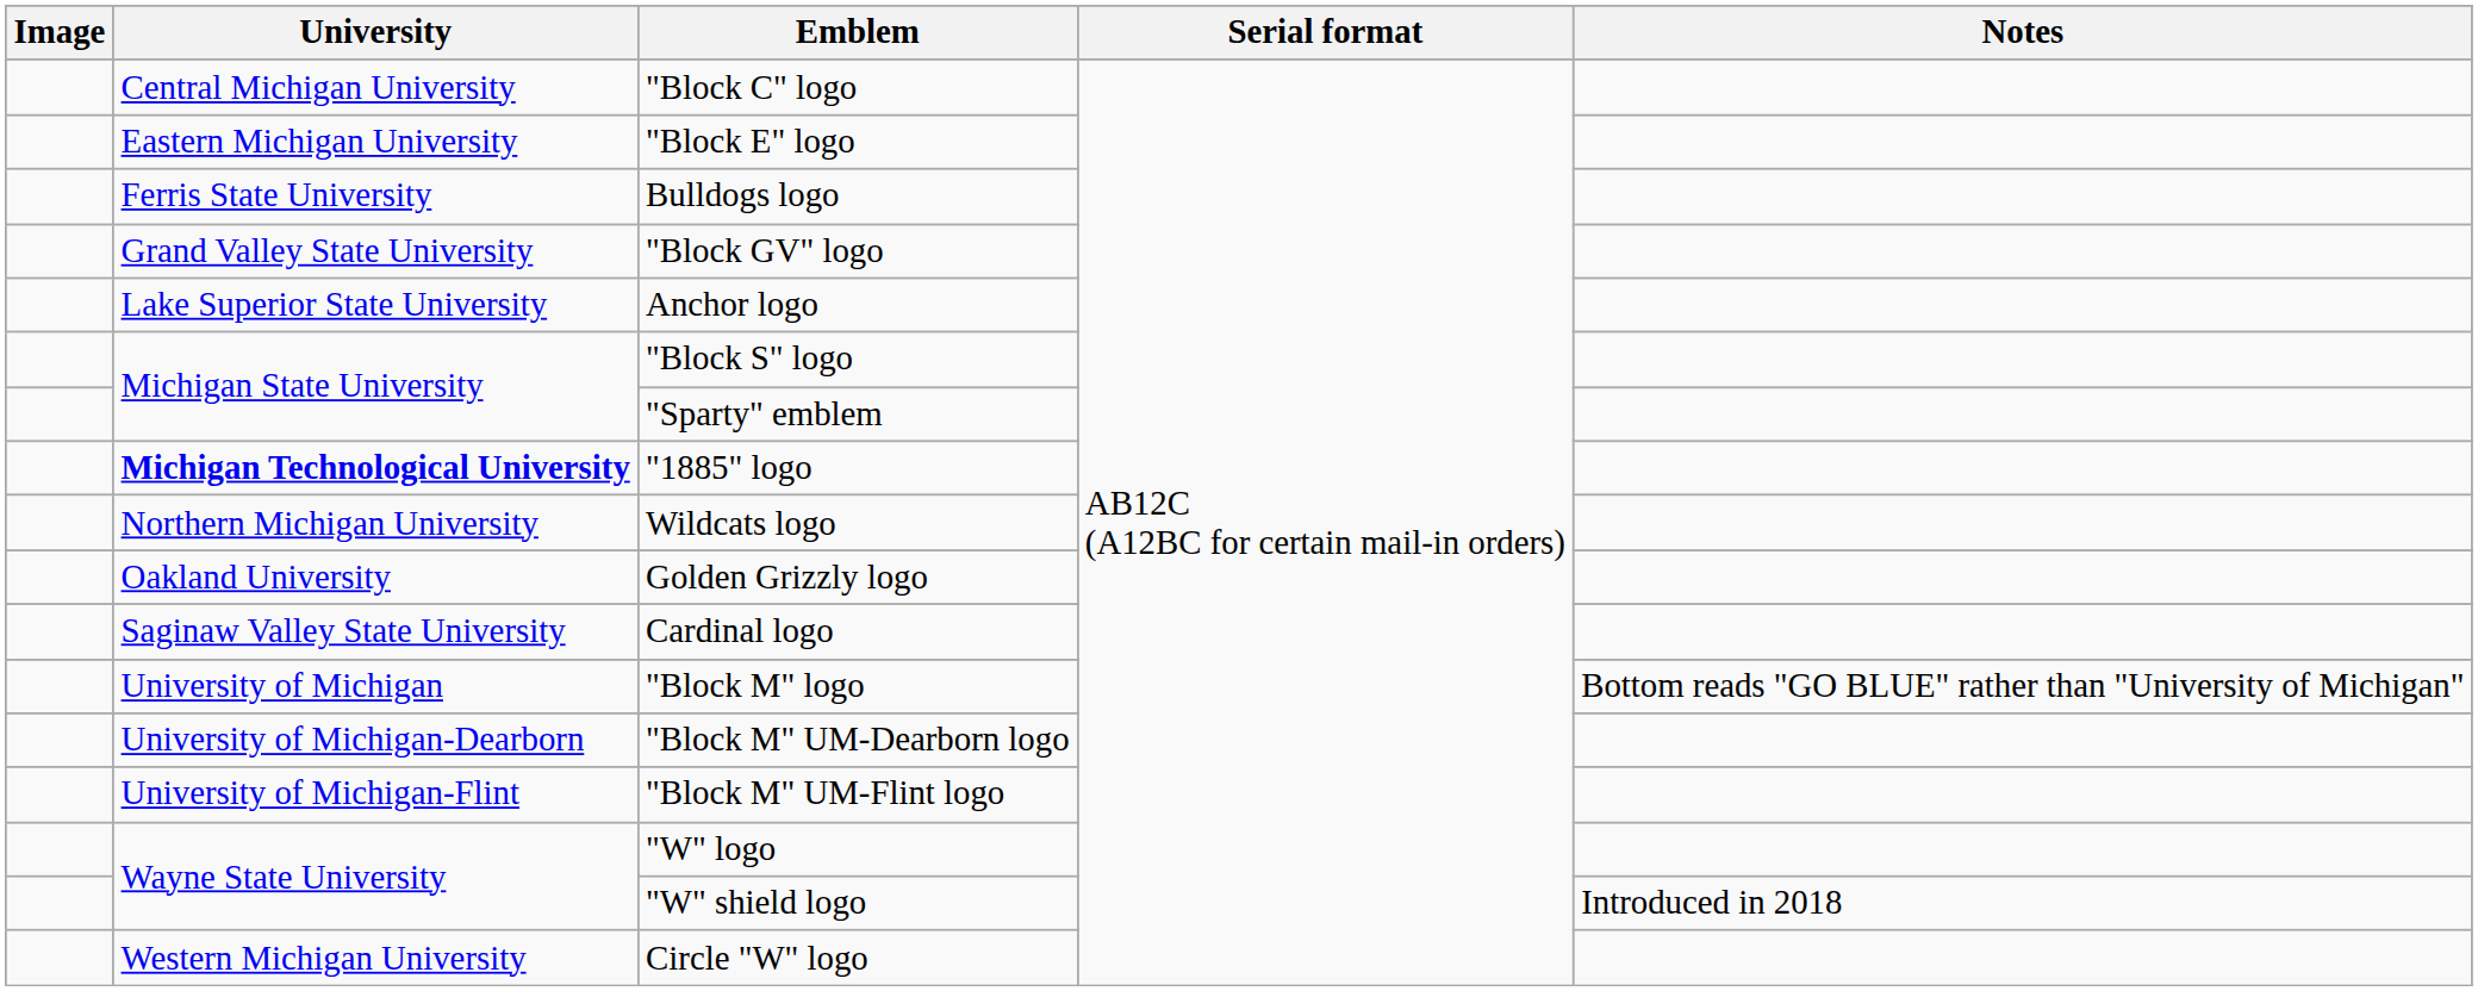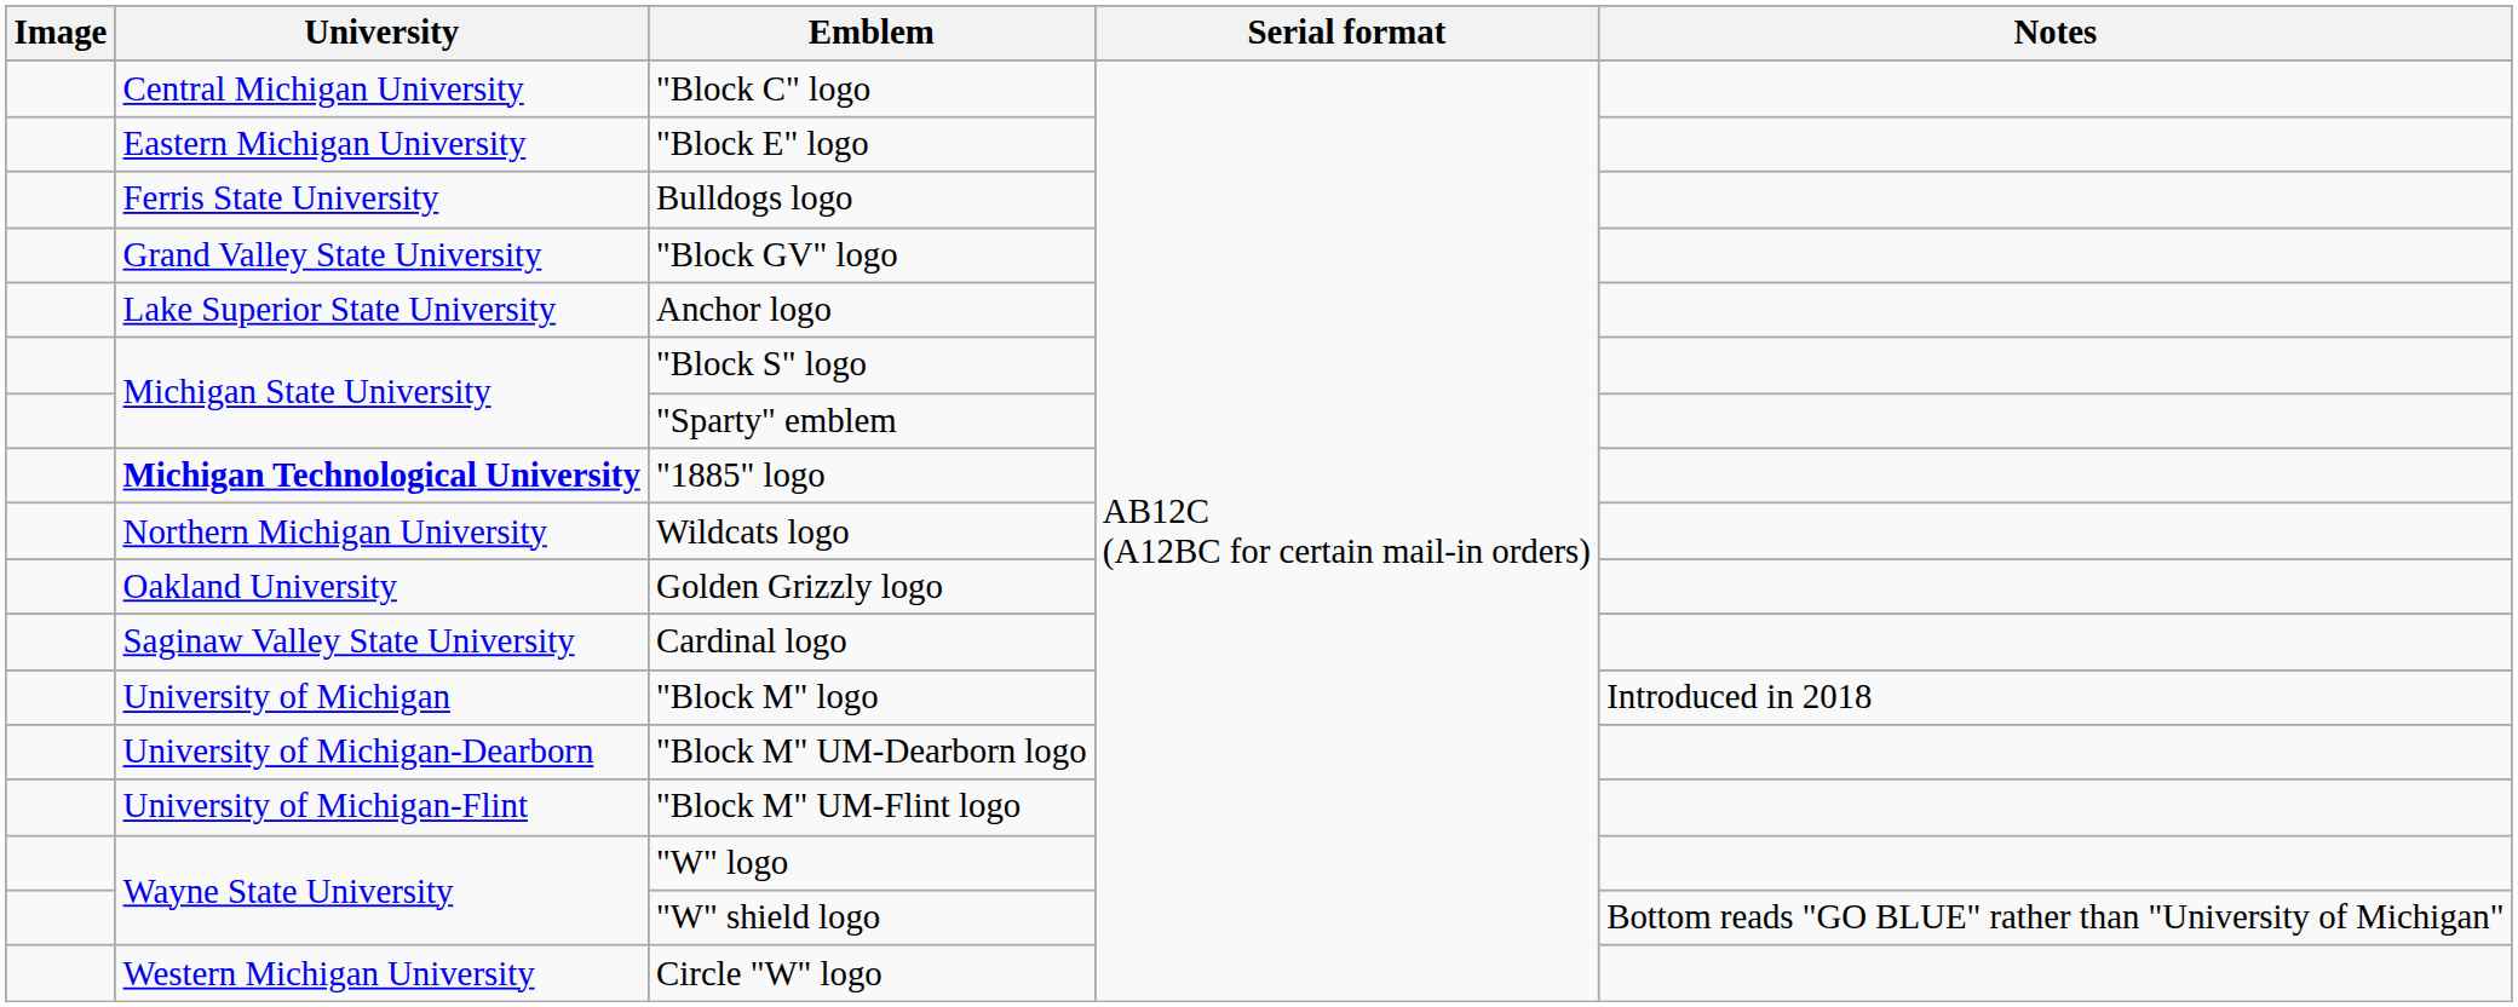 <table class="wikitable">
 <tr>
 <th>Image</th>
 <th>University</th>
 <th>Emblem</th>
 <th>Serial format</th>
 <th>Notes</th>
 </tr>
 <tr>
 <td></td>
 <td><a href='#'>Central Michigan University</a></td>
 <td>"Block C" logo</td>
 <td rowspan="17">AB12C<br>(A12BC for certain mail-in orders)</td>
 <td></td>
 </tr>
 <tr>
 <td></td>
 <td><a href='#'>Eastern Michigan University</a></td>
 <td>"Block E" logo</td>
 <td></td>
 </tr>
 <tr>
 <td></td>
 <td><a href='#'>Ferris State University</a></td>
 <td>Bulldogs logo</td>
 <td></td>
 </tr>
 <tr>
 <td></td>
 <td><a href='#'>Grand Valley State University</a></td>
 <td>"Block GV" logo</td>
 <td></td>
 </tr>
 <tr>
 <td></td>
 <td><a href='#'>Lake Superior State University</a></td>
 <td>Anchor logo</td>
 <td></td>
 </tr>
 <tr>
 <td></td>
 <td rowspan="2"><a href='#'>Michigan State University</a></td>
 <td>"Block S" logo</td>
 <td></td>
 </tr>
 <tr>
 <td></td>
 <td>"Sparty" emblem</td>
 <td></td>
 </tr>
 <tr>
 <td></td>
 <td><strong><a href='#'>Michigan Technological University</a></strong></td>
 <td>"1885" logo</td>
 <td></td>
 </tr>
 <tr>
 <td></td>
 <td><a href='#'>Northern Michigan University</a></td>
 <td>Wildcats logo</td>
 <td></td>
 </tr>
 <tr>
 <td></td>
 <td><a href='#'>Oakland University</a></td>
 <td>Golden Grizzly logo</td>
 <td></td>
 </tr>
 <tr>
 <td></td>
 <td><a href='#'>Saginaw Valley State University</a></td>
 <td>Cardinal logo</td>
 <td></td>
 </tr>
 <tr>
 <td></td>
 <td><a href='#'>University of Michigan</a></td>
 <td>"Block M" logo</td>
-<td>Bottom reads "GO BLUE" rather than "University of Michigan"</td>
+<td>Introduced in 2018</td>
 </tr>
 <tr>
 <td></td>
 <td><a href='#'>University of Michigan-Dearborn</a></td>
 <td>"Block M" UM-Dearborn logo</td>
 <td></td>
 </tr>
 <tr>
 <td></td>
 <td><a href='#'>University of Michigan-Flint</a></td>
 <td>"Block M" UM-Flint logo</td>
 <td></td>
 </tr>
 <tr>
 <td></td>
 <td rowspan="2"><a href='#'>Wayne State University</a></td>
 <td>"W" logo</td>
 <td></td>
 </tr>
 <tr>
 <td></td>
 <td>"W" shield logo</td>
-<td>Introduced in 2018</td>
+<td>Bottom reads "GO BLUE" rather than "University of Michigan"</td>
 </tr>
 <tr>
 <td></td>
 <td><a href='#'>Western Michigan University</a></td>
 <td>Circle "W" logo</td>
 <td></td>
 </tr>
 </table>
